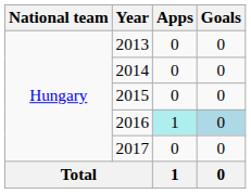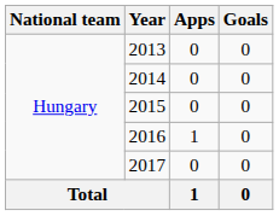 <table class="wikitable" style="text-align:center">
 <tr>
 <th>National team</th>
 <th>Year</th>
 <th>Apps</th>
 <th>Goals</th>
 </tr>
 <tr>
 <td rowspan="5"><a href='#'>Hungary</a></td>
 <td>2013</td>
 <td>0</td>
 <td>0</td>
 </tr>
 <tr>
 <td>2014</td>
 <td>0</td>
 <td>0</td>
 </tr>
 <tr>
 <td>2015</td>
 <td>0</td>
 <td>0</td>
 </tr>
 <tr>
 <td>2016</td>
-<td style="background: paleturquoise;">1</td>
-<td style="background: lightblue;">0</td>
+<td>1</td>
+<td>0</td>
 </tr>
 <tr>
 <td>2017</td>
 <td>0</td>
 <td>0</td>
 </tr>
 <tr>
 <th colspan=2>Total</th>
 <th>1</th>
 <th>0</th>
 </tr>
 </table>
